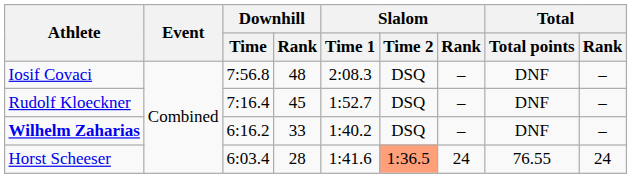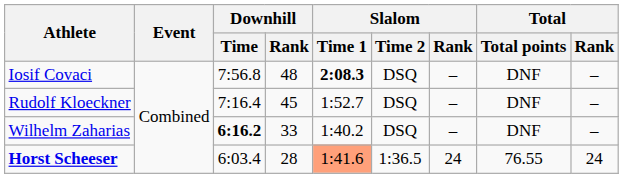 <table class="wikitable" style="font-size:90%">
 <tr>
 <th rowspan="2">Athlete</th>
 <th rowspan="2">Event</th>
 <th colspan="2">Downhill</th>
 <th colspan="3">Slalom</th>
 <th colspan="2">Total</th>
 </tr>
 <tr>
 <th>Time</th>
 <th>Rank</th>
 <th>Time 1</th>
 <th>Time 2</th>
 <th>Rank</th>
 <th>Total points</th>
 <th>Rank</th>
 </tr>
 <tr>
 <td><a href='#'>Iosif Covaci</a></td>
 <td rowspan="4">Combined</td>
 <td align="center">7:56.8</td>
 <td align="center">48</td>
-<td align="center">2:08.3</td>
+<td align="center"><strong>2:08.3</strong></td>
 <td align="center">DSQ</td>
 <td align="center">–</td>
 <td align="center">DNF</td>
 <td align="center">–</td>
 </tr>
 <tr>
 <td><a href='#'>Rudolf Kloeckner</a></td>
 <td align="center">7:16.4</td>
 <td align="center">45</td>
 <td align="center">1:52.7</td>
 <td align="center">DSQ</td>
 <td align="center">–</td>
 <td align="center">DNF</td>
 <td align="center">–</td>
 </tr>
 <tr>
-<td><strong><a href='#'>Wilhelm Zaharias</a></strong></td>
-<td align="center">6:16.2</td>
+<td><a href='#'>Wilhelm Zaharias</a></td>
+<td align="center"><strong>6:16.2</strong></td>
 <td align="center">33</td>
 <td align="center">1:40.2</td>
 <td align="center">DSQ</td>
 <td align="center">–</td>
 <td align="center">DNF</td>
 <td align="center">–</td>
 </tr>
 <tr>
-<td><a href='#'>Horst Scheeser</a></td>
+<td><strong><a href='#'>Horst Scheeser</a></strong></td>
 <td align="center">6:03.4</td>
 <td align="center">28</td>
-<td align="center">1:41.6</td>
-<td align="center" style="background: lightsalmon;">1:36.5</td>
+<td align="center" style="background: lightsalmon;">1:41.6</td>
+<td align="center">1:36.5</td>
 <td align="center">24</td>
 <td align="center">76.55</td>
 <td align="center">24</td>
 </tr>
 </table>
